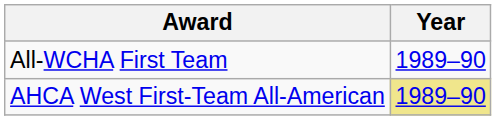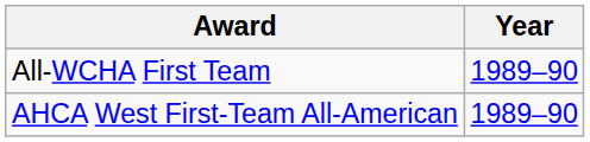 <table class="wikitable">
 <tr>
 <th>Award</th>
 <th>Year</th>
 </tr>
 <tr>
 <td>All-<a href='#'>WCHA</a> <a href='#'>First Team</a></td>
 <td><a href='#'>1989–90</a></td>
 </tr>
 <tr>
 <td><a href='#'>AHCA</a> <a href='#'>West First-Team All-American</a></td>
-<td style="background: khaki;"><a href='#'>1989–90</a></td>
+<td><a href='#'>1989–90</a></td>
 </tr>
 </table>
